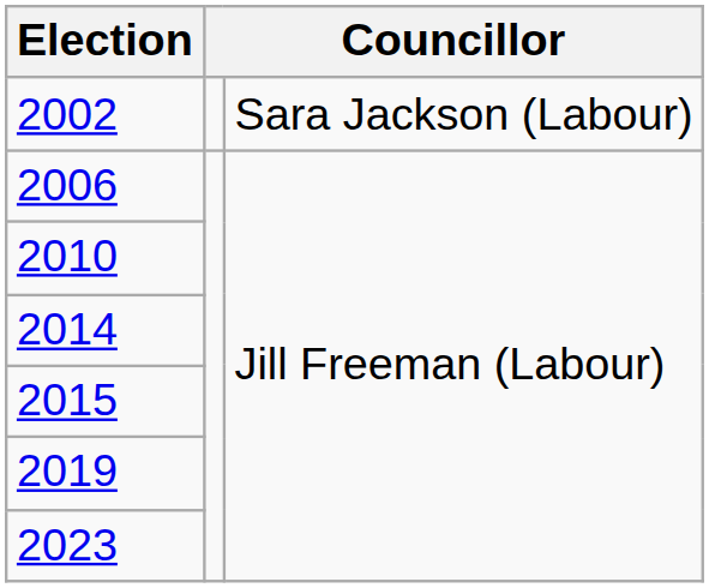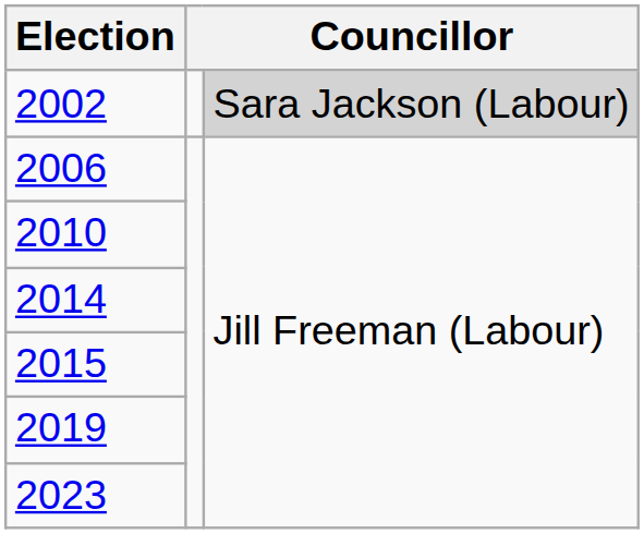 <table class="wikitable">
 <tr>
 <th>Election</th>
 <th colspan="2">Councillor</th>
 </tr>
 <tr>
 <td><a href='#'>2002</a></td>
 <td style="background-color: "></td>
-<td>Sara Jackson (Labour)</td>
+<td style="background: lightgrey;">Sara Jackson (Labour)</td>
 </tr>
 <tr>
 <td><a href='#'>2006</a></td>
 <td rowspan="6" style="background-color: "></td>
 <td rowspan="6">Jill Freeman (Labour)</td>
 </tr>
 <tr>
 <td><a href='#'>2010</a></td>
 </tr>
 <tr>
 <td><a href='#'>2014</a></td>
 </tr>
 <tr>
 <td><a href='#'>2015</a></td>
 </tr>
 <tr>
 <td><a href='#'>2019</a></td>
 </tr>
 <tr>
 <td><a href='#'>2023</a></td>
 </tr>
 </table>
